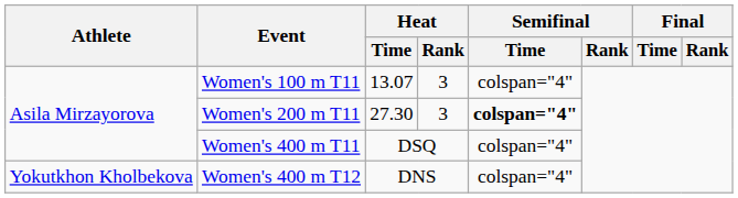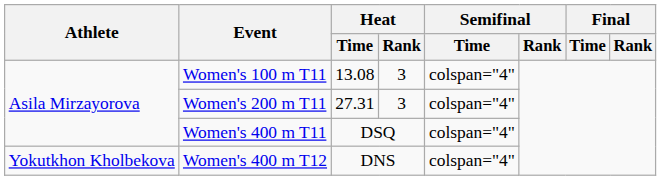 <table class=wikitable style="font-size:90%">
 <tr>
 <th rowspan="2">Athlete</th>
 <th rowspan="2">Event</th>
 <th colspan=2>Heat</th>
 <th colspan="2">Semifinal</th>
 <th colspan="2">Final</th>
 </tr>
 <tr style="font-size:95%">
 <th>Time</th>
 <th>Rank</th>
 <th>Time</th>
 <th>Rank</th>
 <th>Time</th>
 <th>Rank</th>
 </tr>
 <tr align=center>
 <td align=left rowspan=3><a href='#'>Asila Mirzayorova</a></td>
 <td align=left><a href='#'>Women's 100 m T11</a></td>
-<td>13.07</td>
+<td>13.08</td>
 <td>3</td>
 <td>colspan="4" </td>
 </tr>
 <tr align=center>
 <td align=left><a href='#'>Women's 200 m T11</a></td>
-<td>27.30</td>
+<td>27.31</td>
 <td>3</td>
-<td><strong>colspan="4" </strong></td>
+<td>colspan="4" </td>
 </tr>
 <tr align=center>
 <td align=left><a href='#'>Women's 400 m T11</a></td>
 <td colspan="2">DSQ</td>
 <td>colspan="4" </td>
 </tr>
 <tr align="center">
 <td><a href='#'>Yokutkhon Kholbekova</a></td>
 <td align="left"><a href='#'>Women's 400 m T12</a></td>
 <td colspan="2">DNS</td>
 <td>colspan="4" </td>
 </tr>
 </table>
